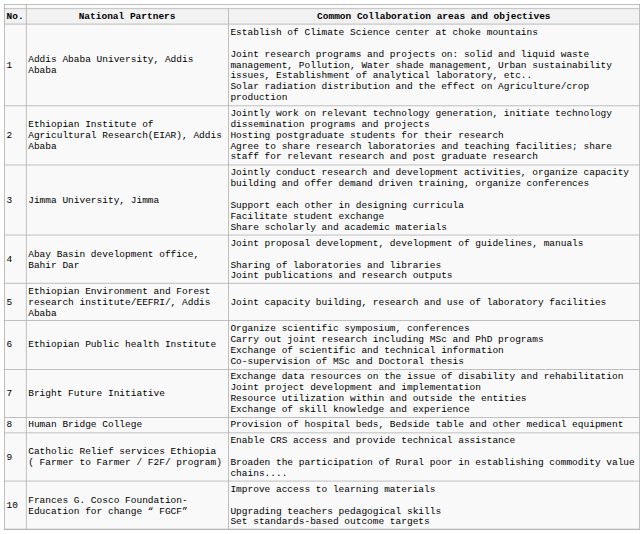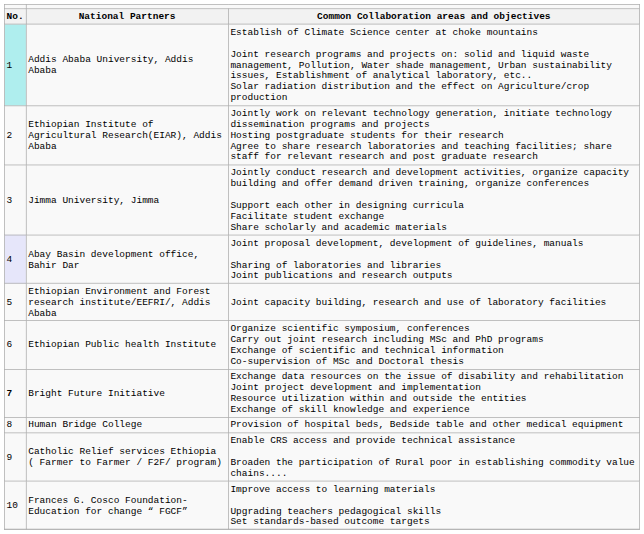 <table class="wikitable">
 <tr>
 <td></td>
 </tr>
 <tr>
 <th>No.</th>
 <th>National Partners</th>
 <th>Common Collaboration areas and objectives</th>
 </tr>
 <tr>
-<td>1</td>
+<td style="background: paleturquoise;">1</td>
 <td>Addis Ababa University, Addis Ababa</td>
 <td>Establish of Climate Science center at choke mountains<br><br>Joint research programs and projects on: solid and liquid waste management, Pollution, Water shade management, Urban sustainability issues, Establishment of analytical laboratory, etc..<br> Solar radiation distribution and the effect on Agriculture/crop production</td>
 </tr>
 <tr>
 <td>2</td>
 <td>Ethiopian Institute of Agricultural Research(EIAR), Addis Ababa</td>
 <td>Jointly work on relevant technology generation, initiate technology dissemination programs and projects<br>Hosting postgraduate students for their research<br> Agree to share research laboratories and teaching facilities; share staff for relevant research and post graduate research</td>
 </tr>
 <tr>
 <td>3</td>
 <td>Jimma University, Jimma</td>
 <td>Jointly conduct research and development activities, organize capacity building and offer demand driven training, organize conferences<br><br>Support each other in designing curricula<br> Facilitate student exchange<br> Share scholarly and academic materials</td>
 </tr>
 <tr>
-<td>4</td>
+<td style="background: lavender;">4</td>
 <td>Abay Basin development office, Bahir Dar</td>
 <td>Joint proposal development, development of guidelines, manuals<br><br>Sharing of laboratories and libraries<br> Joint publications and research outputs</td>
 </tr>
 <tr>
 <td>5</td>
 <td>Ethiopian Environment and Forest research institute/EEFRI/,  Addis Ababa</td>
 <td>Joint capacity building, research and use of laboratory facilities</td>
 </tr>
 <tr>
 <td>6</td>
 <td>Ethiopian Public health Institute</td>
 <td>Organize scientific symposium, conferences<br>Carry out joint research including MSc and PhD programs<br>Exchange of scientific and technical information<br>Co-supervision of MSc and Doctoral thesis</td>
 </tr>
 <tr>
-<td>7</td>
+<td><strong>7</strong></td>
 <td>Bright Future Initiative</td>
 <td>Exchange data resources on the issue of disability and rehabilitation<br>Joint project development and implementation<br>Resource utilization within and outside the entities<br> Exchange of skill knowledge and experience</td>
 </tr>
 <tr>
 <td>8</td>
 <td>Human Bridge College</td>
 <td>Provision of hospital beds, Bedside table and other medical equipment</td>
 </tr>
 <tr>
 <td>9</td>
 <td>Catholic Relief services Ethiopia ( Farmer to Farmer / F2F/ program)</td>
 <td>Enable CRS access and provide technical assistance <br><br>Broaden the participation of Rural poor in establishing commodity value chains....</td>
 </tr>
 <tr>
 <td>10</td>
 <td>Frances G. Cosco Foundation- Education for change “ FGCF”</td>
 <td>Improve access to learning materials<br><br>Upgrading teachers pedagogical skills<br> Set standards-based outcome targets</td>
 </tr>
 <tr>
 </tr>
 </table>
